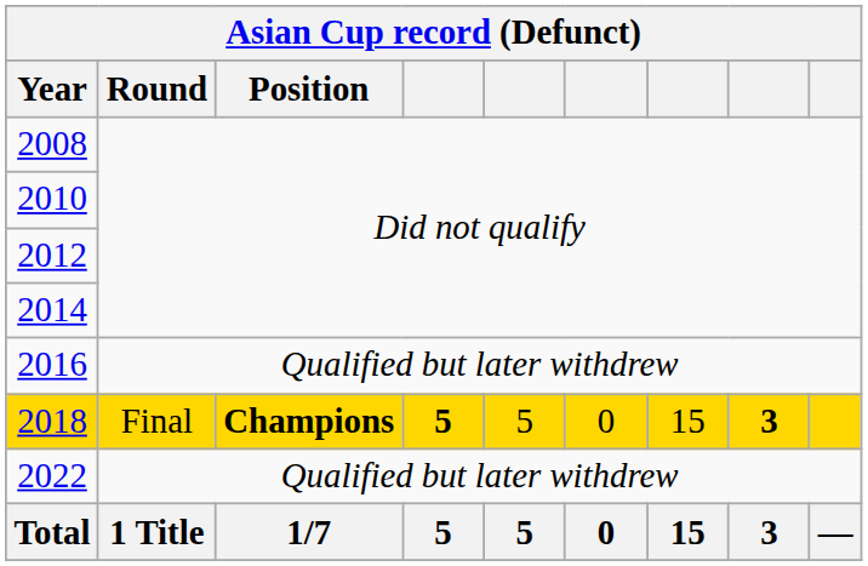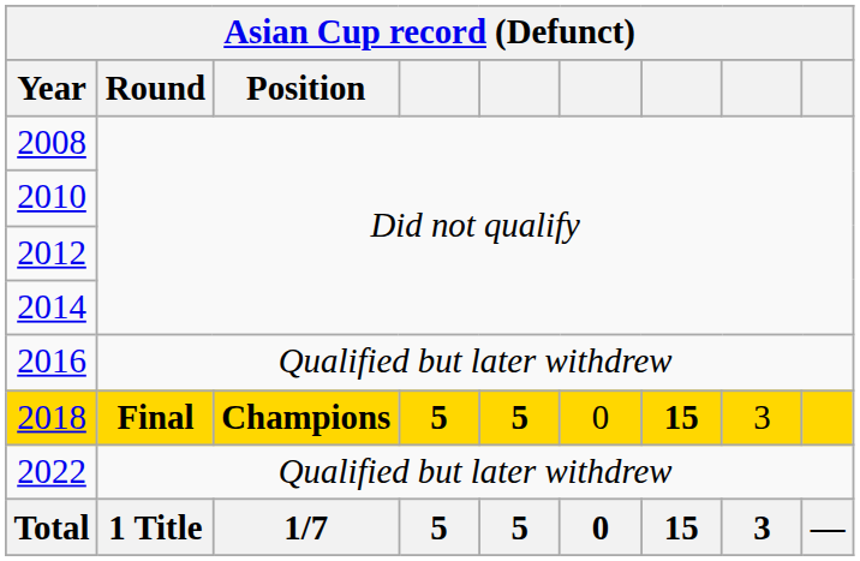 <table class="wikitable" style="text-align: center;">
 <tr>
 <th colspan=10><a href='#'>Asian Cup record</a> (Defunct)</th>
 </tr>
 <tr>
 <th>Year</th>
 <th>Round</th>
 <th>Position</th>
 <th width=30></th>
 <th width=30></th>
 <th width=30></th>
 <th width=30></th>
 <th width=30></th>
 <th></th>
 </tr>
 <tr>
 <td> <a href='#'>2008</a></td>
 <td rowspan=4 colspan=8><em>Did not qualify</em></td>
 </tr>
 <tr>
 <td> <a href='#'>2010</a></td>
 </tr>
 <tr>
 <td> <a href='#'>2012</a></td>
 </tr>
 <tr>
 <td> <a href='#'>2014</a></td>
 </tr>
 <tr>
 <td> <a href='#'>2016</a></td>
 <td colspan=8><em>Qualified but later withdrew</em></td>
 </tr>
 <tr bgcolor=gold>
 <td> <a href='#'>2018</a></td>
-<td>Final</td>
+<td><strong>Final</strong></td>
 <td> <strong>Champions</strong></td>
 <td><strong>5</strong></td>
-<td>5</td>
+<td><strong>5</strong></td>
 <td>0</td>
-<td>15</td>
-<td><strong>3</strong></td>
+<td><strong>15</strong></td>
+<td>3</td>
 <td></td>
 </tr>
 <tr>
 <td> <a href='#'>2022</a></td>
 <td colspan=8><em>Qualified but later withdrew</em></td>
 </tr>
 <tr>
 <th>Total</th>
 <th>1 Title</th>
 <th>1/7</th>
 <th>5</th>
 <th>5</th>
 <th>0</th>
 <th>15</th>
 <th>3</th>
 <th>—</th>
 </tr>
 </table>
